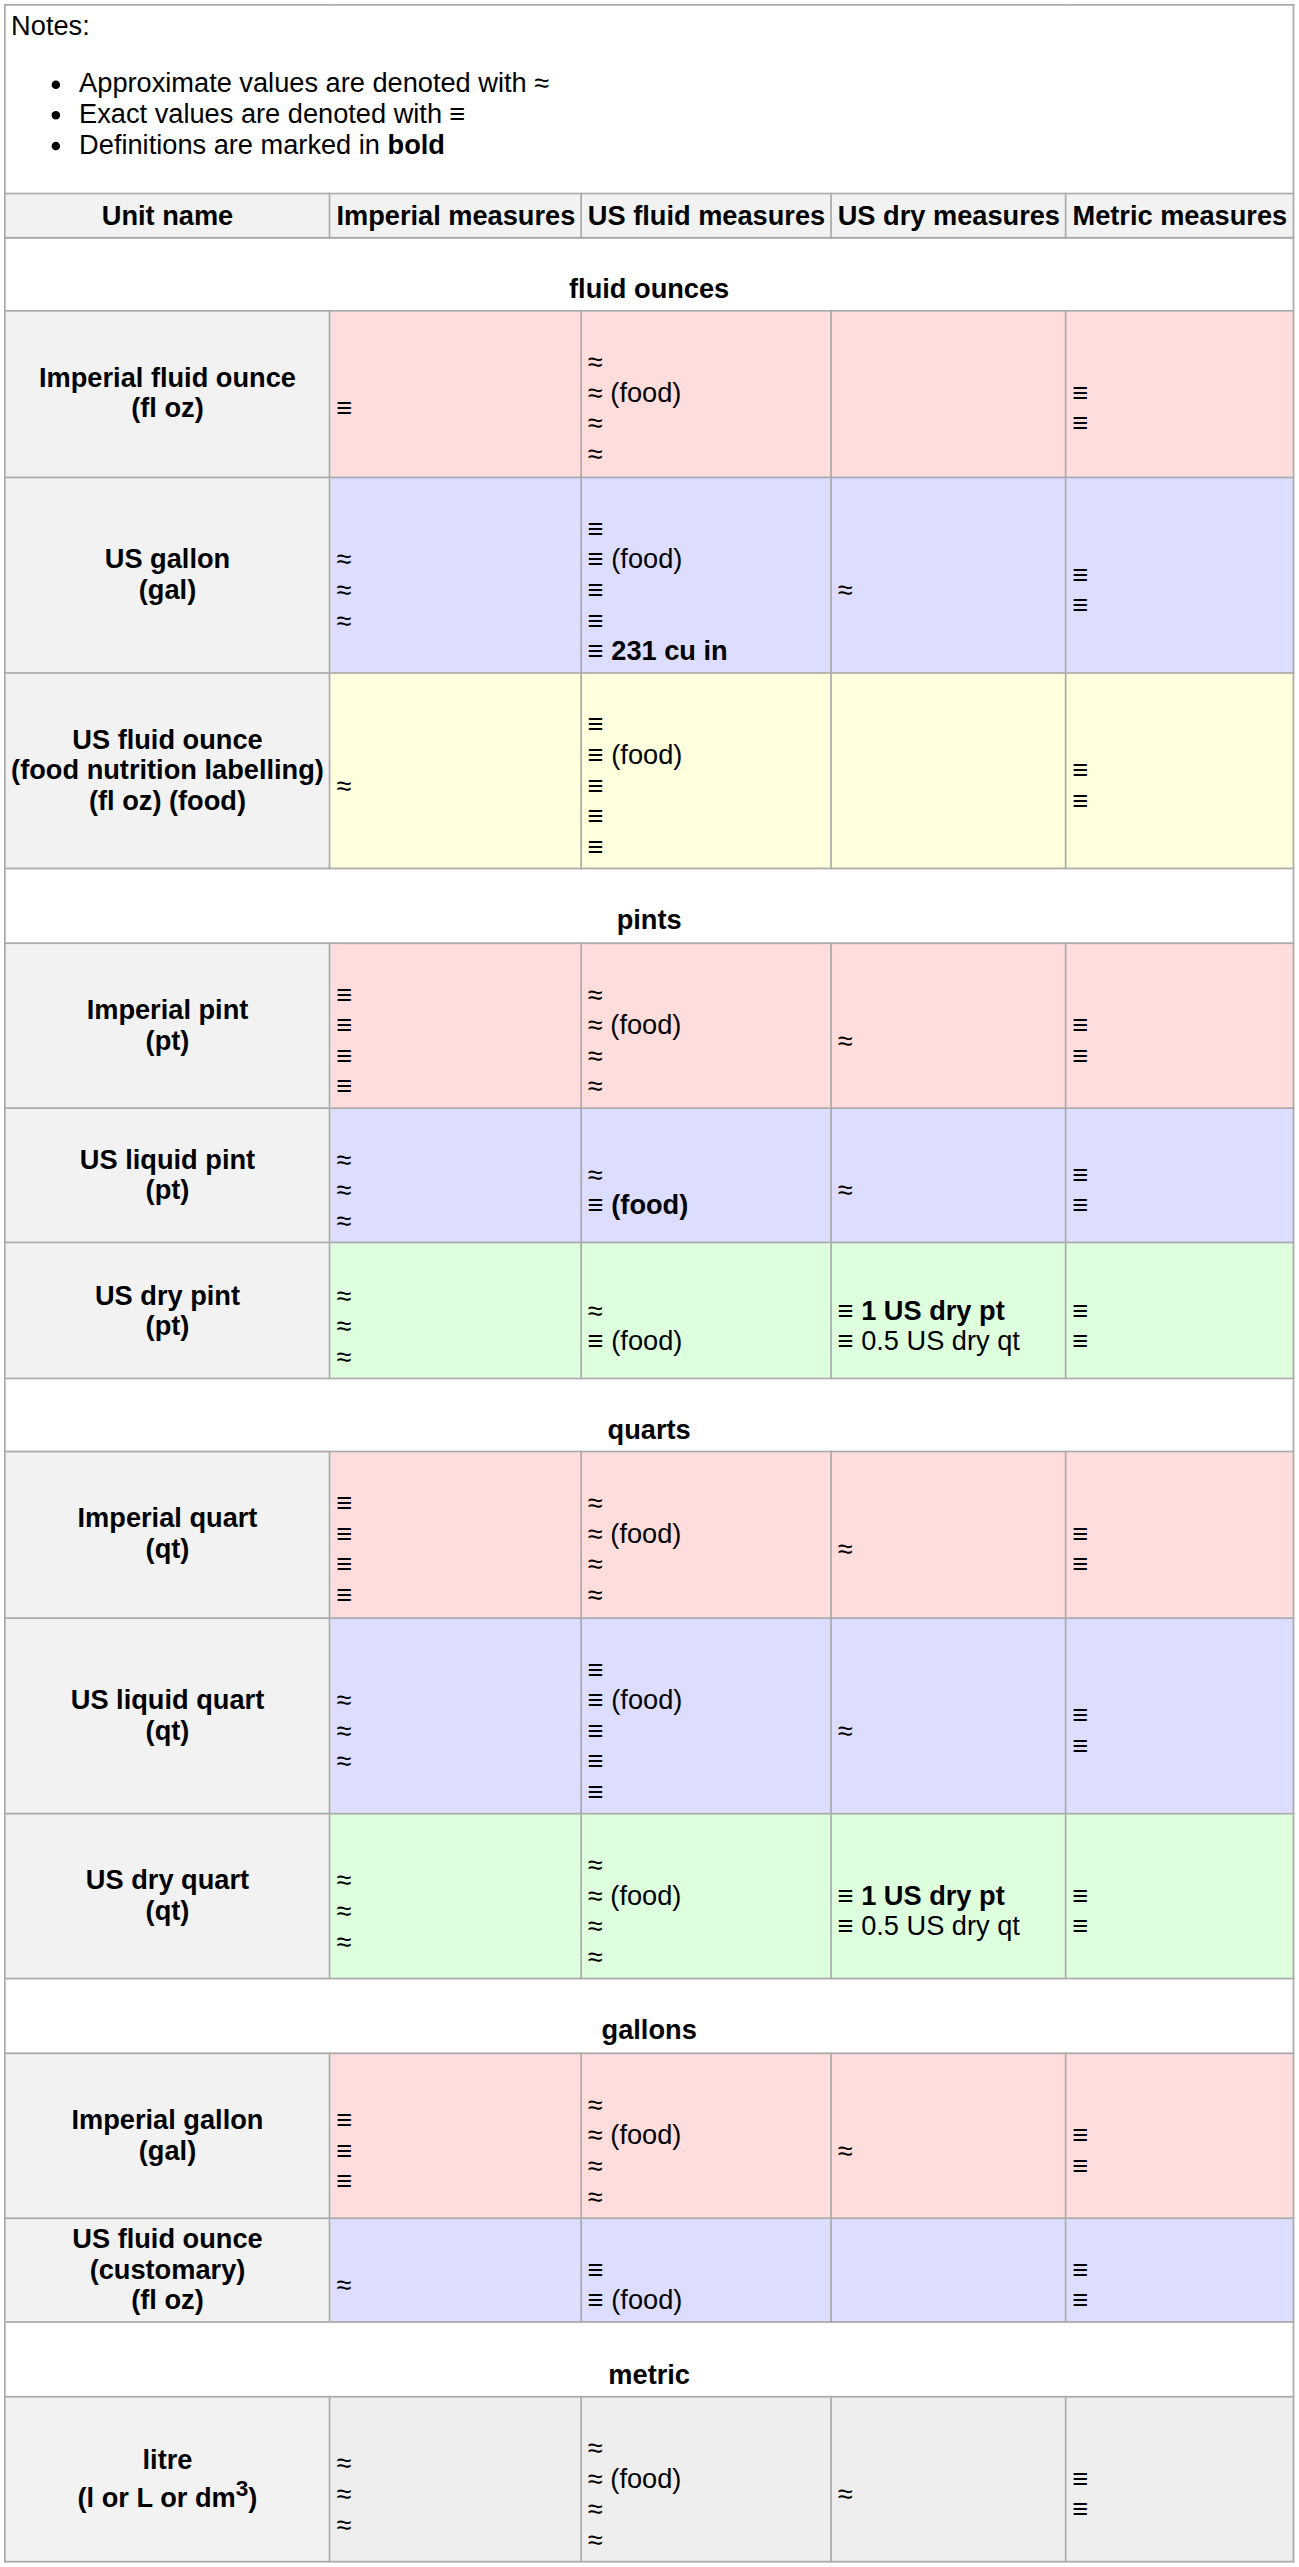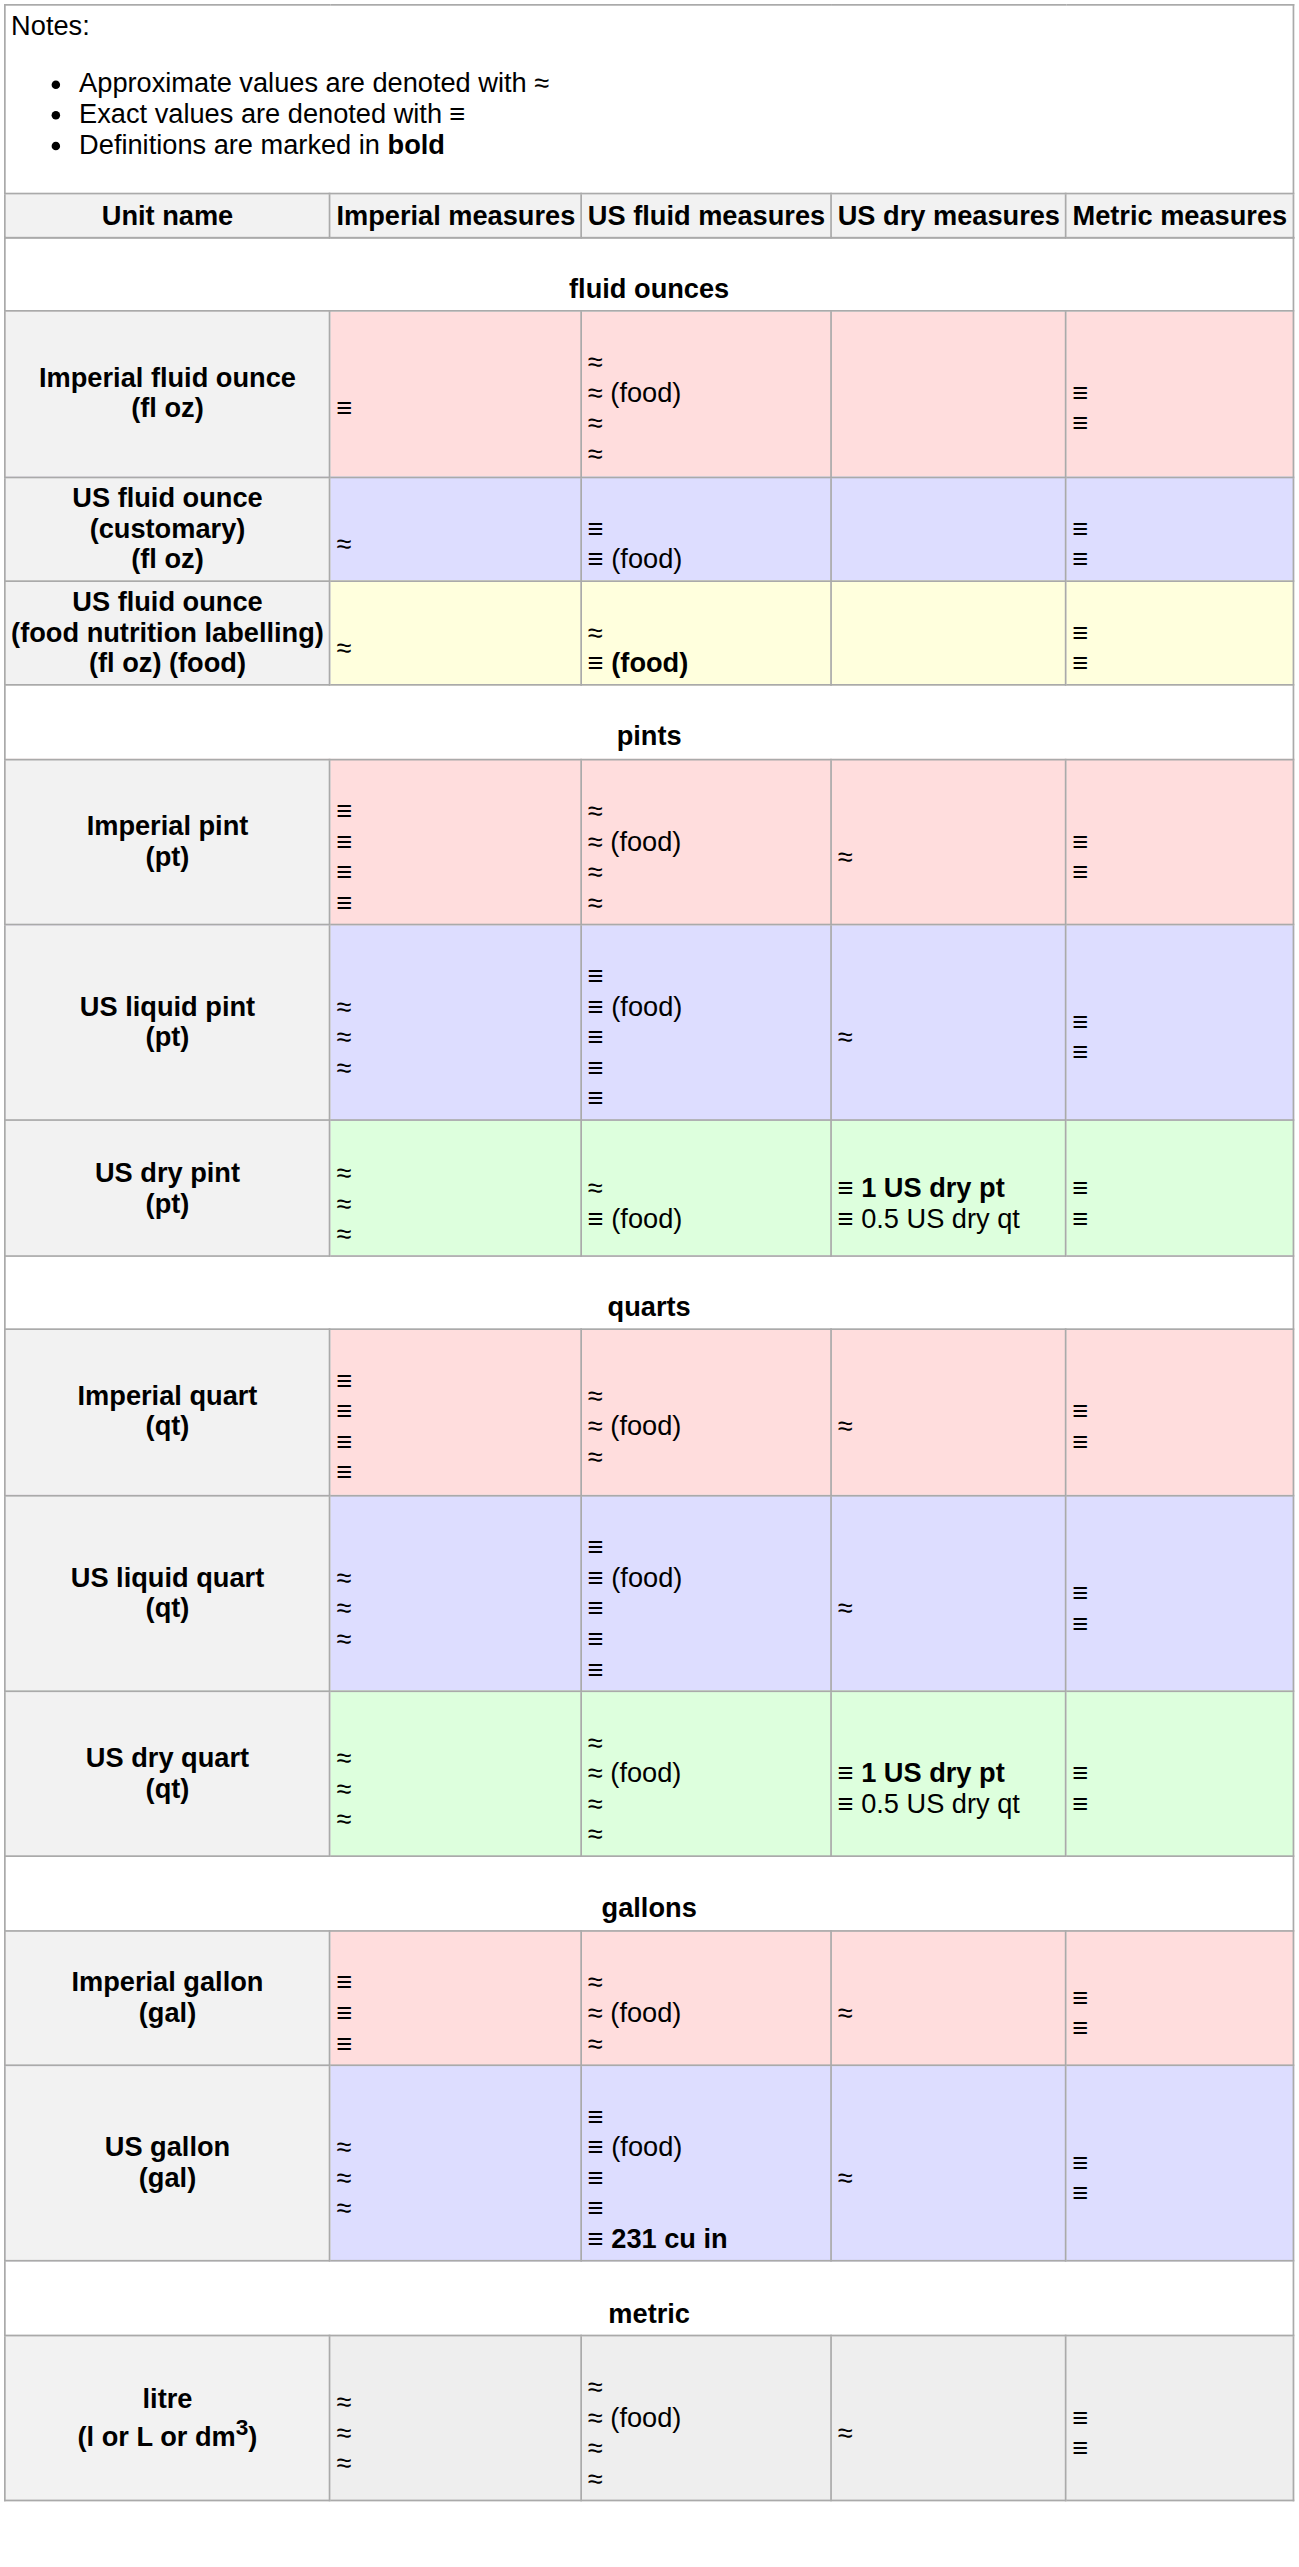 <table class="wikitable">
 <tr>
 <td colspan=5 style="background:white">Notes:<br><ul><li>Approximate values are denoted with ≈</li><li>Exact values are denoted with ≡</li><li>Definitions are marked in <strong>bold</strong></li></ul></td>
 </tr>
 <tr>
 <th>Unit name</th>
 <th>Imperial measures</th>
 <th>US fluid measures</th>
 <th>US dry measures</th>
 <th>Metric measures</th>
 </tr>
 <tr ----------->
 </tr>
 <tr>
 <th colspan=5 style="background:white"><br>fluid ounces</th>
 </tr>
 <tr ----------- style="background:#FFDDDD">
 <th>Imperial fluid ounce<br>(fl oz)</th>
 <td><br>≡ <strong></strong></td>
 <td><br>≈    <br> ≈     (food)<br> ≈    <br> ≈    </td>
 <td></td>
 <td><br>≡    <br> ≡    </td>
 </tr>
 <tr ----------- style="background:#DDDDFF">
-<th>US gallon<br>(gal)</th>
-<td><br>≈    <br> ≈    <br> ≈    </td>
-<td><br>≡    <br> ≡     (food)<br> ≡ <strong></strong><br> ≡ <strong></strong><br> ≡ <strong>231 cu in</strong></td>
-<td><br>≈    <br></td>
+<th>US fluid ounce<br>(customary)<br>(fl oz)</th>
+<td><br>≈    </td>
+<td><br>≡ <strong></strong><br> ≡     (food)</td>
+<td></td>
 <td><br>≡    <br> ≡    </td>
 </tr>
 <tr ----------- style="background:#FFFFDD">
 <th>US fluid ounce<br>(food nutrition labelling)<br>(fl oz) (food)</th>
 <td><br>≈    </td>
-<td><br>≡ <strong></strong><br> ≡     (food)<br> ≡ <strong></strong><br> ≡    <br> ≡    </td>
+<td><br>≈    <br> ≡ <strong> (food)</strong></td>
 <td></td>
 <td><br>≡ <strong></strong><br> ≡    </td>
 </tr>
 <tr>
 <th colspan=5 style="background:white"><br>pints</th>
 </tr>
 <tr -----------  style="background:#FFDDDD">
 <th>Imperial pint <br>(pt)</th>
 <td><br>≡ <strong></strong><br> ≡ <strong></strong><br> ≡    <br> ≡    </td>
 <td><br>≈    <br> ≈     (food)<br> ≈    <br> ≈    </td>
 <td><br>≈    </td>
 <td><br>≡    <br> ≡    </td>
 </tr>
 <tr ----------- style="background:#DDDDFF">
 <th>US liquid pint<br>(pt)</th>
 <td><br>≈    <br> ≈    <br> ≈    </td>
-<td><br>≈    <br> ≡ <strong> (food)</strong></td>
+<td><br>≡ <strong></strong><br> ≡     (food)<br> ≡ <strong></strong><br> ≡    <br> ≡    </td>
 <td><br>≈    <br></td>
 <td><br>≡    <br> ≡    </td>
 </tr>
 <tr ----------- style="background:#DDFFDD">
 <th>US dry pint<br>(pt)</th>
 <td><br>≈    <br> ≈    <br> ≈    </td>
 <td><br>≈    <br> ≡     (food)</td>
 <td><br>≡ <strong>1 US dry pt</strong><br> ≡    0.5 US dry qt<br></td>
 <td><br>≡    <br> ≡    </td>
 </tr>
 <tr>
 <th colspan=5 style="background:white"><br>quarts</th>
 </tr>
 <tr ----------- style="background:#FFDDDD">
 <th>Imperial quart<br>(qt)</th>
 <td><br>≡ <strong></strong><br> ≡ <strong></strong><br> ≡    <br> ≡    </td>
-<td><br>≈    <br> ≈     (food)<br> ≈    <br> ≈    </td>
+<td><br>≈    <br> ≈     (food)<br> ≈    </td>
 <td><br>≈    </td>
 <td><br>≡    <br> ≡    </td>
 </tr>
 <tr ----------- style="background:#DDDDFF">
 <th>US liquid quart<br>(qt)</th>
 <td><br>≈    <br> ≈    <br> ≈    </td>
 <td><br>≡ <strong></strong><br> ≡     (food)<br> ≡    <br> ≡ <strong></strong><br> ≡    </td>
 <td><br>≈    <br></td>
 <td><br>≡    <br> ≡    </td>
 </tr>
 <tr ----------- style="background:#DDFFDD">
 <th>US dry quart<br>(qt)</th>
 <td><br>≈    <br> ≈    <br> ≈    </td>
 <td><br>≈    <br> ≈     (food)<br> ≈    <br> ≈    </td>
 <td><br>≡ <strong>1 US dry pt</strong><br> ≡    0.5 US dry qt<br></td>
 <td><br>≡    <br> ≡    </td>
 </tr>
 <tr>
 <th colspan=5 style="background:white"><br>gallons</th>
 </tr>
 <tr ----------- style="background:#FFDDDD">
 <th>Imperial gallon<br>(gal)</th>
 <td><br>≡    <br> ≡ <strong></strong><br> ≡ <strong></strong></td>
-<td><br>≈    <br> ≈     (food)<br> ≈    <br> ≈    </td>
+<td><br>≈    <br> ≈     (food)<br> ≈    </td>
 <td><br>≈    <br></td>
 <td><br>≡    <br> ≡ <strong></strong></td>
 </tr>
 <tr ----------- style="background:#DDDDFF">
-<th>US fluid ounce<br>(customary)<br>(fl oz)</th>
-<td><br>≈    </td>
-<td><br>≡ <strong></strong><br> ≡     (food)</td>
-<td></td>
+<th>US gallon<br>(gal)</th>
+<td><br>≈    <br> ≈    <br> ≈    </td>
+<td><br>≡    <br> ≡     (food)<br> ≡ <strong></strong><br> ≡ <strong></strong><br> ≡ <strong>231 cu in</strong></td>
+<td><br>≈    <br></td>
 <td><br>≡    <br> ≡    </td>
 </tr>
 <tr>
 <th colspan=5 style="background:white"><br>metric</th>
 </tr>
 <tr ----------- style="background:#EEEEEE">
 <th>litre<br>(l or L or dm<sup>3</sup>)</th>
 <td><br>≈    <br> ≈    <br> ≈    </td>
 <td><br>≈    <br> ≈     (food)<br> ≈    <br> ≈    </td>
 <td><br>≈    <br></td>
 <td><br>≡ <strong></strong><br> ≡ <strong></strong></td>
 </tr>
 </table>
